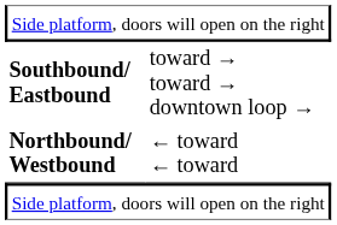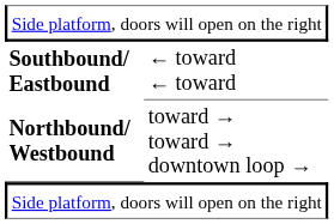 <table table border=0 cellspacing=0 cellpadding=3>
 <tr>
 <td style="border-bottom:solid 2px black;border-right:solid 2px black;border-left:solid 2px black;border-top:solid 1px gray;text-align:center;" colspan=2><small><a href='#'>Side platform</a>, doors will open on the right</small></td>
 </tr>
 <tr>
 <td style="border-bottom:solid 0px gray;"><strong>Southbound/<br>Eastbound</strong></td>
-<td style="border-bottom:solid 0px gray;"> <strong></strong> toward   →<br> <strong></strong> toward   →<br> <strong></strong> downtown loop  →</td>
+<td style="border-bottom:solid 1px gray;">← <strong></strong> toward  <br>← <strong></strong> toward  </td>
 </tr>
 <tr>
 <td style="border-bottom:solid 1px gray;"><strong>Northbound/<br>Westbound</strong></td>
-<td style="border-bottom:solid 1px gray;">← <strong></strong> toward  <br>← <strong></strong> toward  </td>
+<td style="border-bottom:solid 0px gray;"> <strong></strong> toward   →<br> <strong></strong> toward   →<br> <strong></strong> downtown loop  →</td>
 </tr>
 <tr>
 <td style="border-top:solid 2px black;border-right:solid 2px black;border-left:solid 2px black;border-bottom:solid 1px gray;text-align:center;" colspan=2><small><a href='#'>Side platform</a>, doors will open on the right</small></td>
 </tr>
 </table>
